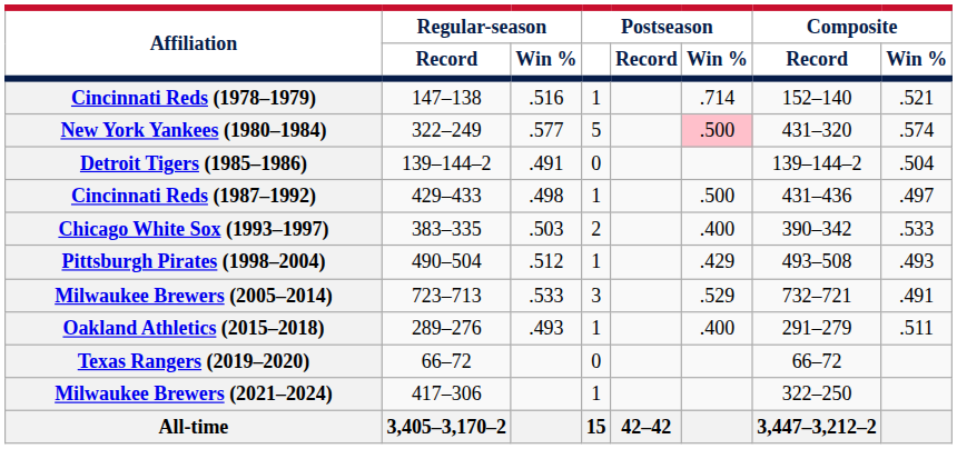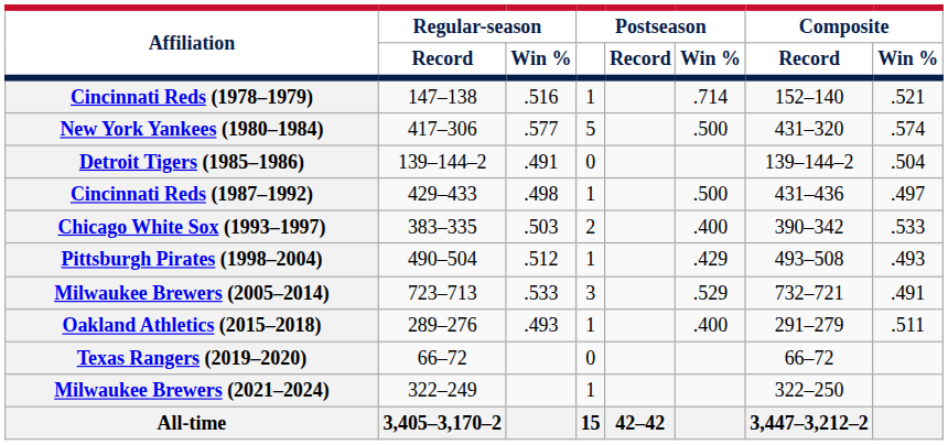 <table class="wikitable sortable plainrowheaders" style="font-size: 95%; text-align:center;">
 <tr>
 <th rowspan="2" scope="col" style="background-color:#ffffff; border-top:#c8102e 5px solid; border-bottom:#071d49 5px solid; color:#071d49" width="280px">Affiliation</th>
 <th colspan="2" scope="col" style="background-color:#ffffff; border-top:#c8102e 5px solid; color:#071d49">Regular-season</th>
 <th colspan="3" scope="col" style="background-color:#ffffff; border-top:#c8102e 5px solid; color:#071d49">Postseason</th>
 <th colspan="2" scope="col" style="background-color:#ffffff; border-top:#c8102e 5px solid; color:#071d49">Composite</th>
 </tr>
 <tr>
 <th scope="col" style="background-color:#ffffff; border-bottom:#071d49 5px solid; color:#071d49">Record</th>
 <th scope="col" style="background-color:#ffffff; border-bottom:#071d49 5px solid; color:#071d49">Win %</th>
 <th scope="col" style="background-color:#ffffff; border-bottom:#071d49 5px solid; color:#071d49"></th>
 <th scope="col" style="background-color:#ffffff; border-bottom:#071d49 5px solid; color:#071d49">Record</th>
 <th scope="col" style="background-color:#ffffff; border-bottom:#071d49 5px solid; color:#071d49">Win %</th>
 <th scope="col" style="background-color:#ffffff; border-bottom:#071d49 5px solid; color:#071d49">Record</th>
 <th scope="col" style="background-color:#ffffff; border-bottom:#071d49 5px solid; color:#071d49">Win %</th>
 </tr>
 <tr>
 <th scope="row"><a href='#'>Cincinnati Reds</a> (1978–1979)</th>
 <td>147–138</td>
 <td>.516</td>
 <td>1</td>
 <td></td>
 <td>.714</td>
 <td>152–140</td>
 <td>.521</td>
 </tr>
 <tr>
 <th scope="row"><a href='#'>New York Yankees</a> (1980–1984)</th>
-<td>322–249</td>
+<td>417–306</td>
 <td>.577</td>
 <td>5</td>
 <td></td>
-<td style="background: pink;">.500</td>
+<td>.500</td>
 <td>431–320</td>
 <td>.574</td>
 </tr>
 <tr>
 <th scope="row"><a href='#'>Detroit Tigers</a> (1985–1986)</th>
 <td>139–144–2</td>
 <td>.491</td>
 <td>0</td>
 <td></td>
 <td></td>
 <td>139–144–2</td>
 <td>.504</td>
 </tr>
 <tr>
 <th scope="row"><a href='#'>Cincinnati Reds</a> (1987–1992)</th>
 <td>429–433</td>
 <td>.498</td>
 <td>1</td>
 <td></td>
 <td>.500</td>
 <td>431–436</td>
 <td>.497</td>
 </tr>
 <tr>
 <th scope="row"><a href='#'>Chicago White Sox</a> (1993–1997)</th>
 <td>383–335</td>
 <td>.503</td>
 <td>2</td>
 <td></td>
 <td>.400</td>
 <td>390–342</td>
 <td>.533</td>
 </tr>
 <tr>
 <th scope="row"><a href='#'>Pittsburgh Pirates</a> (1998–2004)</th>
 <td>490–504</td>
 <td>.512</td>
 <td>1</td>
 <td></td>
 <td>.429</td>
 <td>493–508</td>
 <td>.493</td>
 </tr>
 <tr>
 <th scope="row"><a href='#'>Milwaukee Brewers</a> (2005–2014)</th>
 <td>723–713</td>
 <td>.533</td>
 <td>3</td>
 <td></td>
 <td>.529</td>
 <td>732–721</td>
 <td>.491</td>
 </tr>
 <tr>
 <th scope="row"><a href='#'>Oakland Athletics</a> (2015–2018)</th>
 <td>289–276</td>
 <td>.493</td>
 <td>1</td>
 <td></td>
 <td>.400</td>
 <td>291–279</td>
 <td>.511</td>
 </tr>
 <tr>
 <th scope="row"><a href='#'>Texas Rangers</a> (2019–2020)</th>
 <td>66–72</td>
 <td></td>
 <td>0</td>
 <td></td>
 <td></td>
 <td>66–72</td>
 <td></td>
 </tr>
 <tr>
 <th scope="row"><a href='#'>Milwaukee Brewers</a> (2021–2024)</th>
-<td>417–306</td>
+<td>322–249</td>
 <td></td>
 <td>1</td>
 <td></td>
 <td></td>
 <td>322–250</td>
 <td></td>
 </tr>
 <tr>
 <th scope="row"><strong>All-time</strong></th>
 <th>3,405–3,170–2</th>
 <th></th>
 <th>15</th>
 <th>42–42</th>
 <th></th>
 <th>3,447–3,212–2</th>
 <th></th>
 </tr>
 </table>
